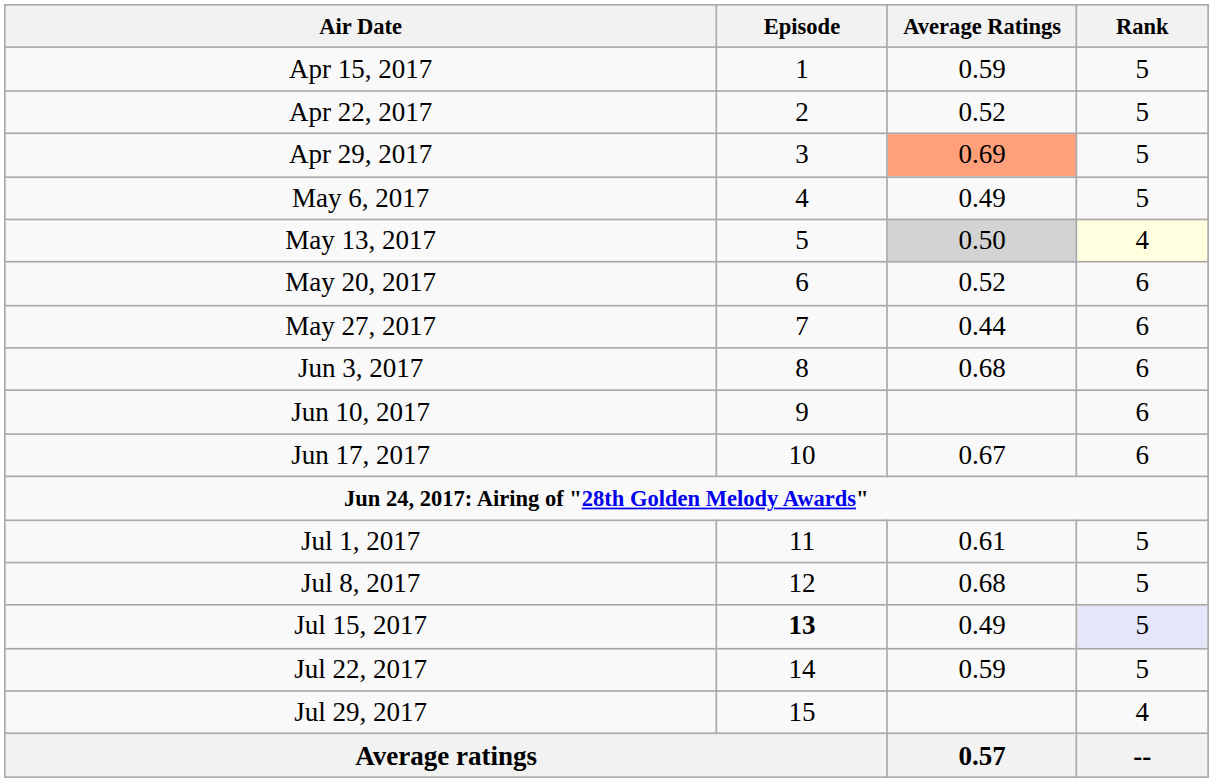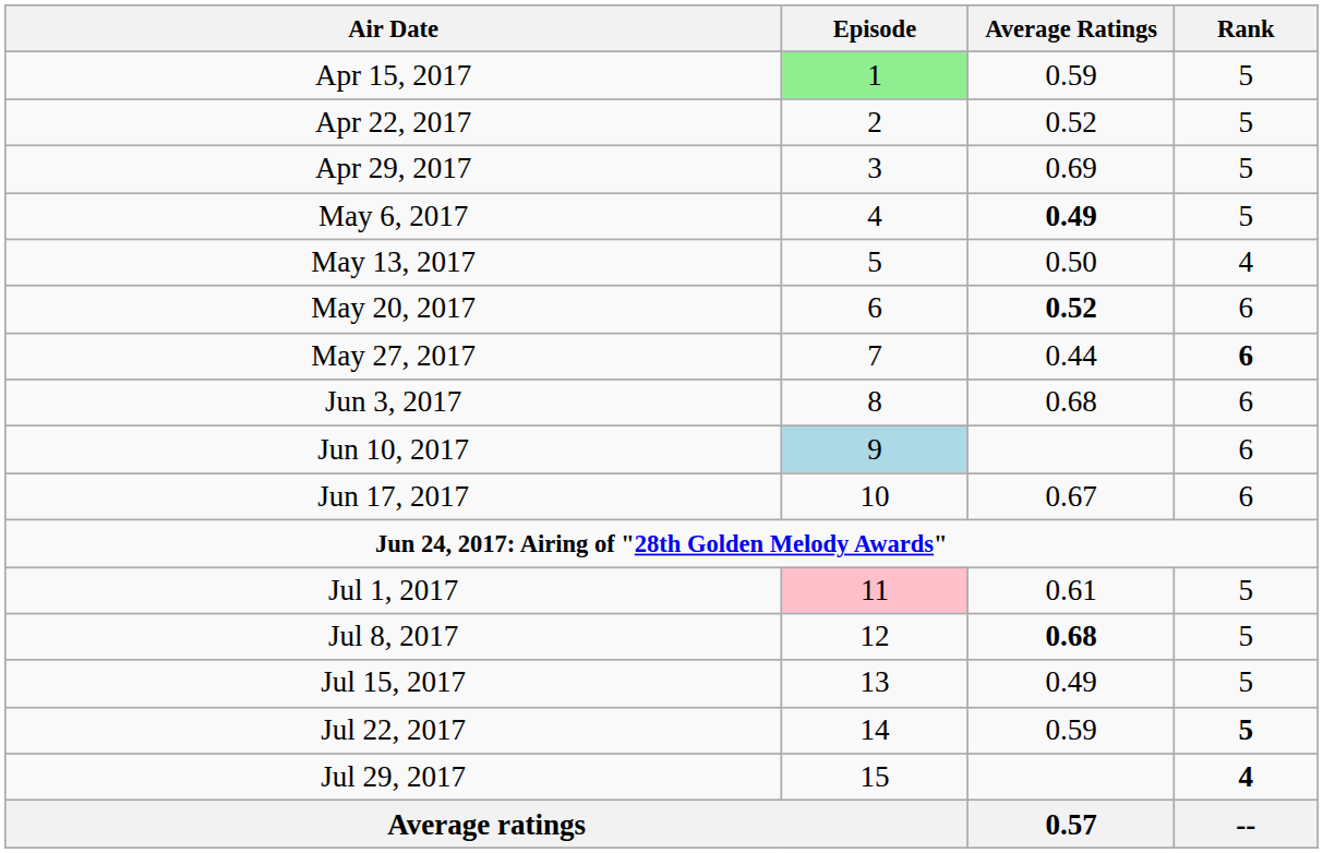 <table class="wikitable" style="text-align:center;width:45%;">
 <tr>
 <th width="25%"><small>Air Date</small></th>
 <th width="5%"><small>Episode</small></th>
 <th width="6%"><small>Average Ratings</small></th>
 <th width="4%"><small>Rank</small></th>
 </tr>
 <tr>
 <td>Apr 15, 2017</td>
-<td>1</td>
+<td style="background: lightgreen;">1</td>
 <td>0.59</td>
 <td>5</td>
 </tr>
 <tr>
 <td>Apr 22, 2017</td>
 <td>2</td>
 <td>0.52</td>
 <td>5</td>
 </tr>
 <tr>
 <td>Apr 29, 2017</td>
 <td>3</td>
-<td style="background: lightsalmon;">0.69</td>
+<td>0.69</td>
 <td>5</td>
 </tr>
 <tr>
 <td>May 6, 2017</td>
 <td>4</td>
-<td>0.49</td>
+<td><strong>0.49</strong></td>
 <td>5</td>
 </tr>
 <tr>
 <td>May 13, 2017</td>
 <td>5</td>
-<td style="background: lightgrey;">0.50</td>
-<td style="background: lightyellow;">4</td>
+<td>0.50</td>
+<td>4</td>
 </tr>
 <tr>
 <td>May 20, 2017</td>
 <td>6</td>
-<td>0.52</td>
+<td><strong>0.52</strong></td>
 <td>6</td>
 </tr>
 <tr>
 <td>May 27, 2017</td>
 <td>7</td>
 <td>0.44</td>
-<td>6</td>
+<td><strong>6</strong></td>
 </tr>
 <tr>
 <td>Jun 3, 2017</td>
 <td>8</td>
 <td>0.68</td>
 <td>6</td>
 </tr>
 <tr>
 <td>Jun 10, 2017</td>
-<td>9</td>
+<td style="background: lightblue;">9</td>
 <td><strong></strong></td>
 <td>6</td>
 </tr>
 <tr>
 <td>Jun 17, 2017</td>
 <td>10</td>
 <td>0.67</td>
 <td>6</td>
 </tr>
 <tr>
 <td colspan="4"><strong><small>Jun 24, 2017: Airing of "<a href='#'>28th Golden Melody Awards</a>"</small></strong></td>
 </tr>
 <tr>
 <td>Jul 1, 2017</td>
-<td>11</td>
+<td style="background: pink;">11</td>
 <td>0.61</td>
 <td>5</td>
 </tr>
 <tr>
 <td>Jul 8, 2017</td>
 <td>12</td>
-<td>0.68</td>
+<td><strong>0.68</strong></td>
 <td>5</td>
 </tr>
 <tr>
 <td>Jul 15, 2017</td>
-<td><strong>13</strong></td>
+<td>13</td>
 <td>0.49</td>
-<td style="background: lavender;">5</td>
+<td>5</td>
 </tr>
 <tr>
 <td>Jul 22, 2017</td>
 <td>14</td>
 <td>0.59</td>
-<td>5</td>
+<td><strong>5</strong></td>
 </tr>
 <tr>
 <td>Jul 29, 2017</td>
 <td>15</td>
 <td><strong></strong></td>
-<td>4</td>
+<td><strong>4</strong></td>
 </tr>
 <tr>
 <th colspan="2"><strong>Average ratings</strong></th>
 <th>0.57</th>
 <th>--</th>
 </tr>
 </table>
